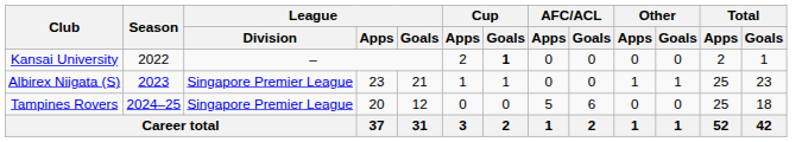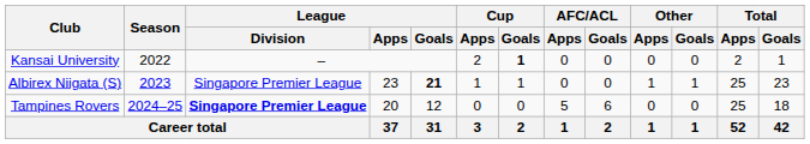 <table class=wikitable style=text-align:center>
 <tr>
 <th rowspan=2>Club</th>
 <th rowspan=2>Season</th>
 <th colspan=3>League</th>
 <th colspan=2>Cup</th>
 <th colspan=2>AFC/ACL</th>
 <th colspan=2>Other</th>
 <th colspan=2>Total</th>
 </tr>
 <tr>
 <th>Division</th>
 <th>Apps</th>
 <th>Goals</th>
 <th>Apps</th>
 <th>Goals</th>
 <th>Apps</th>
 <th>Goals</th>
 <th>Apps</th>
 <th>Goals</th>
 <th>Apps</th>
 <th>Goals</th>
 </tr>
 <tr>
 <td><a href='#'>Kansai University</a></td>
 <td>2022</td>
 <td colspan=3>–</td>
 <td>2</td>
 <td><strong>1</strong></td>
 <td>0</td>
 <td>0</td>
 <td>0</td>
 <td>0</td>
 <td>2</td>
 <td>1</td>
 </tr>
 <tr>
 <td><a href='#'>Albirex Niigata (S)</a></td>
 <td><a href='#'>2023</a></td>
 <td><a href='#'>Singapore Premier League</a></td>
 <td>23</td>
-<td>21</td>
+<td><strong>21</strong></td>
 <td>1</td>
 <td>1</td>
 <td>0</td>
 <td>0</td>
 <td>1</td>
 <td>1</td>
 <td>25</td>
 <td>23</td>
 </tr>
 <tr>
 <td rowspan="1"><a href='#'>Tampines Rovers</a></td>
 <td><a href='#'>2024–25</a></td>
-<td><a href='#'>Singapore Premier League</a></td>
+<td><strong><a href='#'>Singapore Premier League</a></strong></td>
 <td>20</td>
 <td>12</td>
 <td>0</td>
 <td>0</td>
 <td>5</td>
 <td>6</td>
 <td>0</td>
 <td>0</td>
 <td>25</td>
 <td>18</td>
 </tr>
 <tr>
 <th colspan=3>Career total</th>
 <th>37</th>
 <th>31</th>
 <th>3</th>
 <th>2</th>
 <th>1</th>
 <th>2</th>
 <th>1</th>
 <th>1</th>
 <th>52</th>
 <th>42</th>
 </tr>
 </table>
